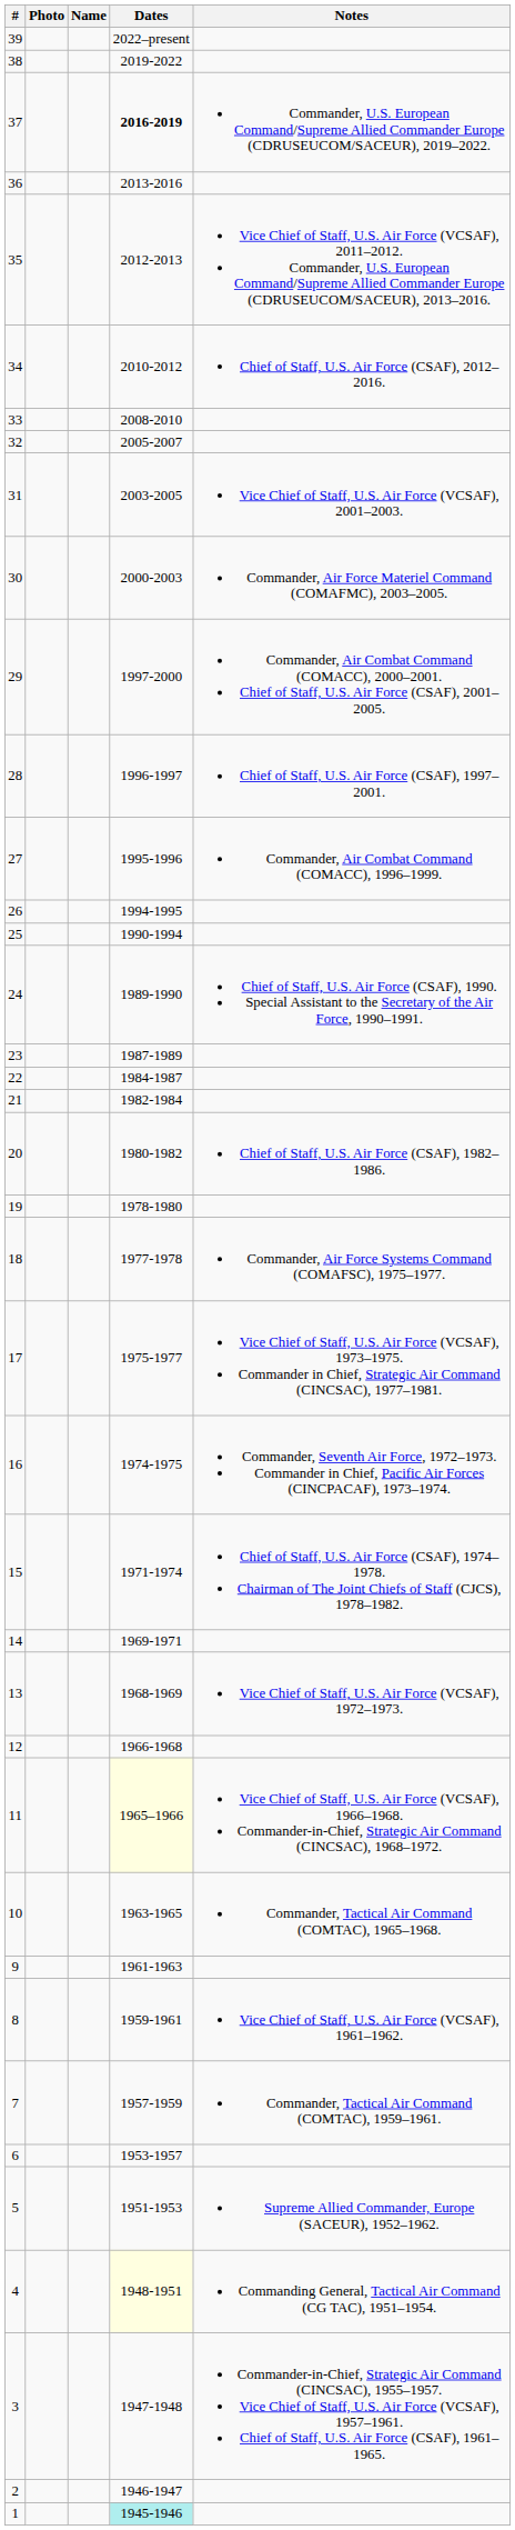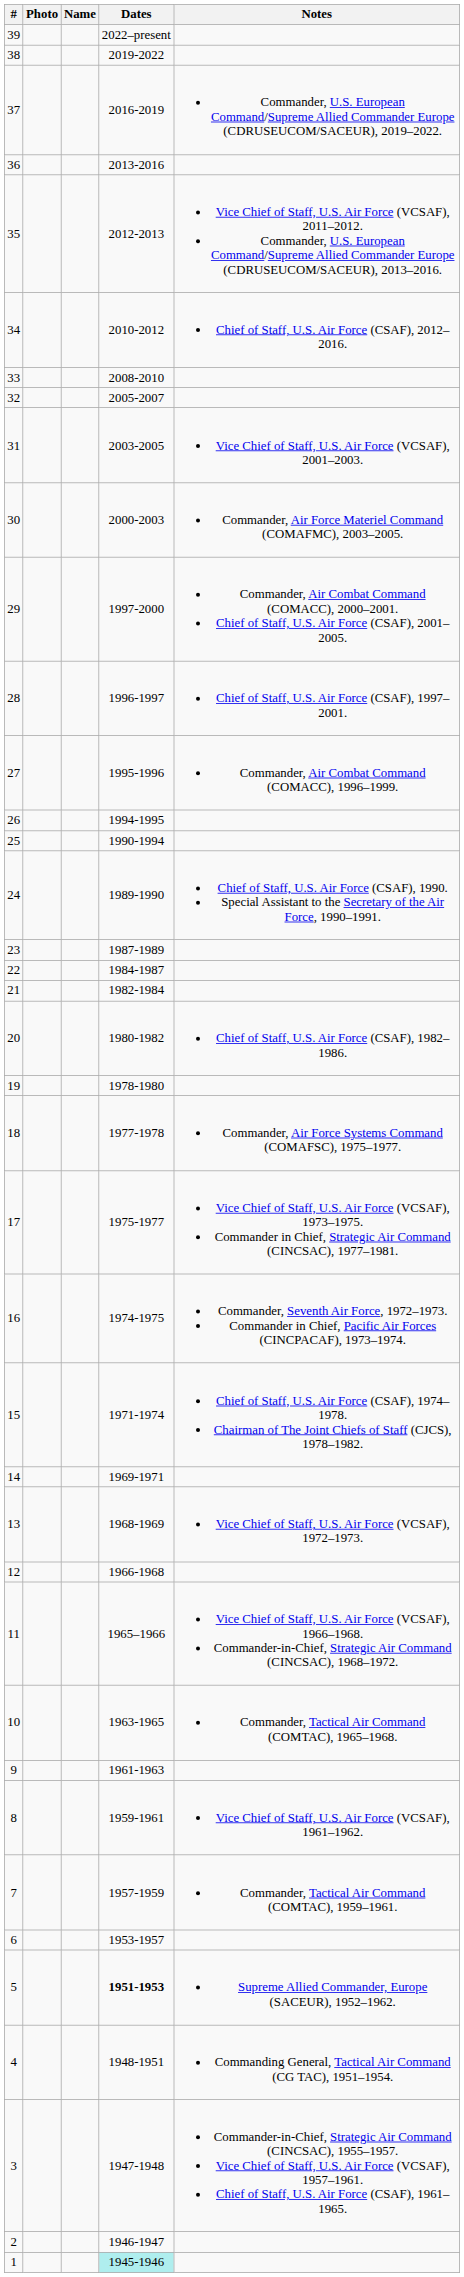 <table class="wikitable sortable" style="text-align:center;">
 <tr>
 <th>#</th>
 <th class="unsortable">Photo</th>
 <th>Name</th>
 <th>Dates</th>
 <th class="unsortable" style="width:350px;">Notes</th>
 </tr>
 <tr>
 <td>39</td>
 <td></td>
 <td></td>
 <td>2022–present</td>
 </tr>
 <tr>
 <td>38</td>
 <td></td>
 <td></td>
 <td>2019-2022</td>
 <td></td>
 </tr>
 <tr>
 <td>37</td>
 <td></td>
 <td></td>
-<td><strong>2016-2019</strong></td>
+<td>2016-2019</td>
 <td><br><ul><li>Commander, <a href='#'>U.S. European Command</a>/<a href='#'>Supreme Allied Commander Europe</a> (CDRUSEUCOM/SACEUR), 2019–2022.</li></ul></td>
 </tr>
 <tr>
 <td>36</td>
 <td></td>
 <td></td>
 <td>2013-2016</td>
 <td></td>
 </tr>
 <tr>
 <td>35</td>
 <td></td>
 <td></td>
 <td>2012-2013</td>
 <td><br><ul><li><a href='#'>Vice Chief of Staff, U.S. Air Force</a> (VCSAF), 2011–2012.</li><li>Commander, <a href='#'>U.S. European Command</a>/<a href='#'>Supreme Allied Commander Europe</a> (CDRUSEUCOM/SACEUR), 2013–2016.</li></ul></td>
 </tr>
 <tr>
 <td>34</td>
 <td></td>
 <td></td>
 <td>2010-2012</td>
 <td><br><ul><li><a href='#'>Chief of Staff, U.S. Air Force</a> (CSAF), 2012–2016.</li></ul></td>
 </tr>
 <tr>
 <td>33</td>
 <td></td>
 <td></td>
 <td>2008-2010</td>
 <td></td>
 </tr>
 <tr>
 <td>32</td>
 <td></td>
 <td></td>
 <td>2005-2007</td>
 <td></td>
 </tr>
 <tr>
 <td>31</td>
 <td></td>
 <td></td>
 <td>2003-2005</td>
 <td><br><ul><li><a href='#'>Vice Chief of Staff, U.S. Air Force</a> (VCSAF), 2001–2003.</li></ul></td>
 </tr>
 <tr>
 <td>30</td>
 <td></td>
 <td></td>
 <td>2000-2003</td>
 <td><br><ul><li>Commander, <a href='#'>Air Force Materiel Command</a> (COMAFMC), 2003–2005.</li></ul></td>
 </tr>
 <tr>
 <td>29</td>
 <td></td>
 <td></td>
 <td>1997-2000</td>
 <td><br><ul><li>Commander, <a href='#'>Air Combat Command</a> (COMACC), 2000–2001.</li><li><a href='#'>Chief of Staff, U.S. Air Force</a> (CSAF), 2001–2005.</li></ul></td>
 </tr>
 <tr>
 <td>28</td>
 <td></td>
 <td></td>
 <td>1996-1997</td>
 <td><br><ul><li><a href='#'>Chief of Staff, U.S. Air Force</a> (CSAF), 1997–2001.</li></ul></td>
 </tr>
 <tr>
 <td>27</td>
 <td></td>
 <td></td>
 <td>1995-1996</td>
 <td><br><ul><li>Commander, <a href='#'>Air Combat Command</a> (COMACC), 1996–1999.</li></ul></td>
 </tr>
 <tr>
 <td>26</td>
 <td></td>
 <td></td>
 <td>1994-1995</td>
 <td></td>
 </tr>
 <tr>
 <td>25</td>
 <td></td>
 <td></td>
 <td>1990-1994</td>
 <td></td>
 </tr>
 <tr>
 <td>24</td>
 <td></td>
 <td></td>
 <td>1989-1990</td>
 <td><br><ul><li><a href='#'>Chief of Staff, U.S. Air Force</a> (CSAF), 1990.</li><li>Special Assistant to the <a href='#'>Secretary of the Air Force</a>, 1990–1991.</li></ul></td>
 </tr>
 <tr>
 <td>23</td>
 <td></td>
 <td></td>
 <td>1987-1989</td>
 <td></td>
 </tr>
 <tr>
 <td>22</td>
 <td></td>
 <td></td>
 <td>1984-1987</td>
 <td></td>
 </tr>
 <tr>
 <td>21</td>
 <td></td>
 <td></td>
 <td>1982-1984</td>
 <td></td>
 </tr>
 <tr>
 <td>20</td>
 <td></td>
 <td></td>
 <td>1980-1982</td>
 <td><br><ul><li><a href='#'>Chief of Staff, U.S. Air Force</a> (CSAF), 1982–1986.</li></ul></td>
 </tr>
 <tr>
 <td>19</td>
 <td></td>
 <td></td>
 <td>1978-1980</td>
 <td></td>
 </tr>
 <tr>
 <td>18</td>
 <td></td>
 <td></td>
 <td>1977-1978</td>
 <td><br><ul><li>Commander, <a href='#'>Air Force Systems Command</a> (COMAFSC), 1975–1977.</li></ul></td>
 </tr>
 <tr>
 <td>17</td>
 <td></td>
 <td></td>
 <td>1975-1977</td>
 <td><br><ul><li><a href='#'>Vice Chief of Staff, U.S. Air Force</a> (VCSAF), 1973–1975.</li><li>Commander in Chief, <a href='#'>Strategic Air Command</a> (CINCSAC), 1977–1981.</li></ul></td>
 </tr>
 <tr>
 <td>16</td>
 <td></td>
 <td></td>
 <td>1974-1975</td>
 <td><br><ul><li>Commander, <a href='#'>Seventh Air Force</a>, 1972–1973.</li><li>Commander in Chief, <a href='#'>Pacific Air Forces</a> (CINCPACAF), 1973–1974.</li></ul></td>
 </tr>
 <tr>
 <td>15</td>
 <td></td>
 <td></td>
 <td>1971-1974</td>
 <td><br><ul><li><a href='#'>Chief of Staff, U.S. Air Force</a> (CSAF), 1974–1978.</li><li><a href='#'>Chairman of The Joint Chiefs of Staff</a> (CJCS), 1978–1982.</li></ul></td>
 </tr>
 <tr>
 <td>14</td>
 <td></td>
 <td></td>
 <td>1969-1971</td>
 <td></td>
 </tr>
 <tr>
 <td>13</td>
 <td></td>
 <td></td>
 <td>1968-1969</td>
 <td><br><ul><li><a href='#'>Vice Chief of Staff, U.S. Air Force</a> (VCSAF), 1972–1973.</li></ul></td>
 </tr>
 <tr>
 <td>12</td>
 <td></td>
 <td></td>
 <td>1966-1968</td>
 <td></td>
 </tr>
 <tr>
 <td>11</td>
 <td></td>
 <td></td>
-<td style="background: lightyellow;">1965–1966</td>
+<td>1965–1966</td>
 <td><br><ul><li><a href='#'>Vice Chief of Staff, U.S. Air Force</a> (VCSAF), 1966–1968.</li><li>Commander-in-Chief, <a href='#'>Strategic Air Command</a> (CINCSAC), 1968–1972.</li></ul></td>
 </tr>
 <tr>
 <td>10</td>
 <td></td>
 <td></td>
 <td>1963-1965</td>
 <td><br><ul><li>Commander, <a href='#'>Tactical Air Command</a> (COMTAC), 1965–1968.</li></ul></td>
 </tr>
 <tr>
 <td>9</td>
 <td></td>
 <td></td>
 <td>1961-1963</td>
 <td></td>
 </tr>
 <tr>
 <td>8</td>
 <td></td>
 <td></td>
 <td>1959-1961</td>
 <td><br><ul><li><a href='#'>Vice Chief of Staff, U.S. Air Force</a> (VCSAF), 1961–1962.</li></ul></td>
 </tr>
 <tr>
 <td>7</td>
 <td></td>
 <td></td>
 <td>1957-1959</td>
 <td><br><ul><li>Commander, <a href='#'>Tactical Air Command</a> (COMTAC), 1959–1961.</li></ul></td>
 </tr>
 <tr>
 <td>6</td>
 <td></td>
 <td></td>
 <td>1953-1957</td>
 <td></td>
 </tr>
 <tr>
 <td>5</td>
 <td></td>
 <td></td>
-<td>1951-1953</td>
+<td><strong>1951-1953</strong></td>
 <td><br><ul><li><a href='#'>Supreme Allied Commander, Europe</a> (SACEUR), 1952–1962.</li></ul></td>
 </tr>
 <tr>
 <td>4</td>
 <td></td>
 <td></td>
-<td style="background: lightyellow;">1948-1951</td>
+<td>1948-1951</td>
 <td><br><ul><li>Commanding General, <a href='#'>Tactical Air Command</a> (CG TAC), 1951–1954.</li></ul></td>
 </tr>
 <tr>
 <td>3</td>
 <td></td>
 <td></td>
 <td>1947-1948</td>
 <td><br><ul><li>Commander-in-Chief, <a href='#'>Strategic Air Command</a> (CINCSAC), 1955–1957.</li><li><a href='#'>Vice Chief of Staff, U.S. Air Force</a> (VCSAF), 1957–1961.</li><li><a href='#'>Chief of Staff, U.S. Air Force</a> (CSAF), 1961–1965.</li></ul></td>
 </tr>
 <tr>
 <td>2</td>
 <td></td>
 <td></td>
 <td>1946-1947</td>
 <td></td>
 </tr>
 <tr>
 <td>1</td>
 <td></td>
 <td></td>
 <td style="background: paleturquoise;">1945-1946</td>
 <td></td>
 </tr>
 </table>
